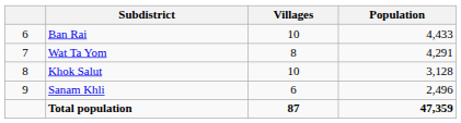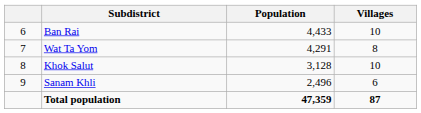 <table class="wikitable" style="width:48%; display:inline-table;">
 <tr>
 <th scope="col" style="width:9%;"> </th>
 <th scope="col" style="width:45%;">Subdistrict</th>
+<th scope="col" style="width:26%;">Population</th>
 <th scope="col" style="width:20%;">Villages</th>
-<th scope="col" style="width:26%;">Population</th>
 </tr>
 <tr>
 <td style="text-align:center;">6</td>
 <td><a href='#'>Ban Rai</a></td>
+<td style="text-align:right;">4,433</td>
 <td style="text-align:center;">10</td>
-<td style="text-align:right;">4,433</td>
 </tr>
 <tr>
 <td style="text-align:center;">7</td>
 <td><a href='#'>Wat Ta Yom</a></td>
+<td style="text-align:right;">4,291</td>
 <td style="text-align:center;">8</td>
-<td style="text-align:right;">4,291</td>
 </tr>
 <tr>
 <td style="text-align:center;">8</td>
 <td><a href='#'>Khok Salut</a></td>
+<td style="text-align:right;">3,128</td>
 <td style="text-align:center;">10</td>
-<td style="text-align:right;">3,128</td>
 </tr>
 <tr>
 <td style="text-align:center;">9</td>
 <td><a href='#'>Sanam Khli</a></td>
+<td style="text-align:right;">2,496</td>
 <td style="text-align:center;">6</td>
-<td style="text-align:right;">2,496</td>
 </tr>
 <tr>
 <td></td>
 <td><strong>Total population</strong></td>
+<td style="text-align:right;"><strong>47,359</strong></td>
 <td style="text-align:center;"><strong>87</strong></td>
-<td style="text-align:right;"><strong>47,359</strong></td>
 </tr>
 </table>
